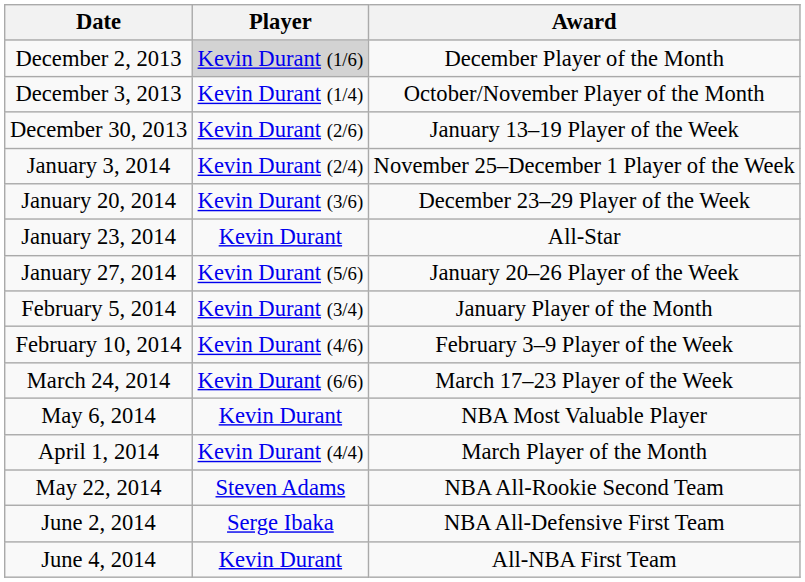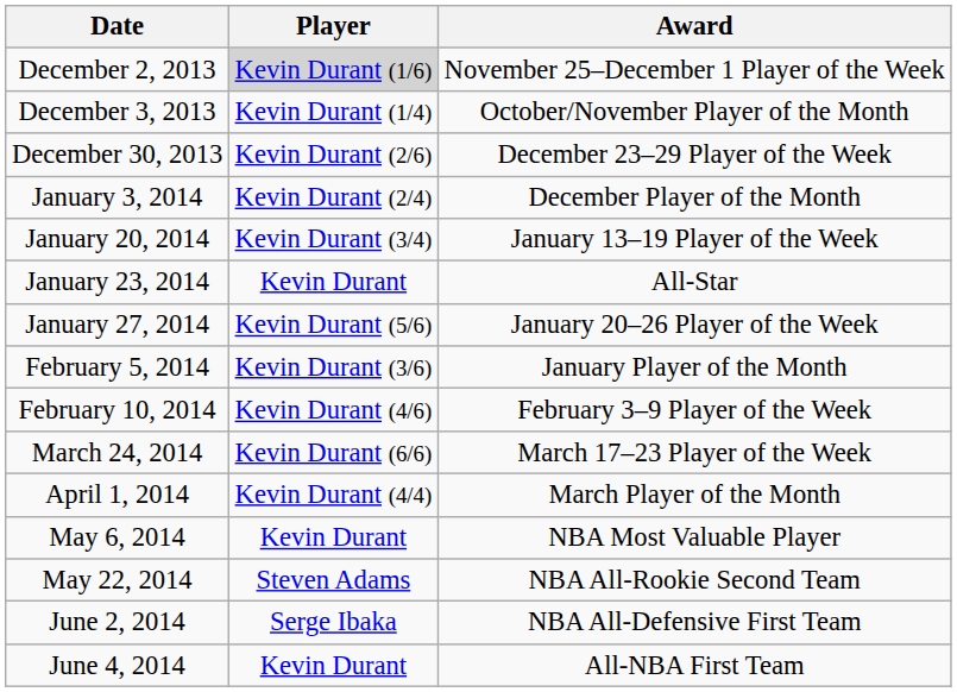 <table class="wikitable sortable sortable" style="text-align: center">
 <tr>
 <th>Date</th>
 <th>Player</th>
 <th>Award</th>
 </tr>
 <tr style="text-align: center">
 <td>December 2, 2013</td>
 <td style="background: lightgrey;"><a href='#'>Kevin Durant</a> <small>(1/6)</small></td>
-<td>December Player of the Month</td>
+<td>November 25–December 1 Player of the Week</td>
 </tr>
 <tr style="text-align: center">
 <td>December 3, 2013</td>
 <td><a href='#'>Kevin Durant</a> <small>(1/4)</small></td>
 <td>October/November Player of the Month</td>
 </tr>
 <tr style="text-align: center">
 <td>December 30, 2013</td>
 <td><a href='#'>Kevin Durant</a> <small>(2/6)</small></td>
-<td>January 13–19 Player of the Week</td>
+<td>December 23–29 Player of the Week</td>
 </tr>
 <tr style="text-align: center">
 <td>January 3, 2014</td>
 <td><a href='#'>Kevin Durant</a> <small>(2/4)</small></td>
-<td>November 25–December 1 Player of the Week</td>
+<td>December Player of the Month</td>
 </tr>
 <tr style="text-align: center">
 <td>January 20, 2014</td>
-<td><a href='#'>Kevin Durant</a> <small>(3/6)</small></td>
-<td>December 23–29 Player of the Week</td>
+<td><a href='#'>Kevin Durant</a> <small>(3/4)</small></td>
+<td>January 13–19 Player of the Week</td>
 </tr>
 <tr style="text-align: center">
 <td>January 23, 2014</td>
 <td><a href='#'>Kevin Durant</a></td>
 <td>All-Star</td>
 </tr>
 <tr style="text-align: center">
 <td>January 27, 2014</td>
 <td><a href='#'>Kevin Durant</a> <small>(5/6)</small></td>
 <td>January 20–26 Player of the Week</td>
 </tr>
 <tr style="text-align: center">
 <td>February 5, 2014</td>
-<td><a href='#'>Kevin Durant</a> <small>(3/4)</small></td>
+<td><a href='#'>Kevin Durant</a> <small>(3/6)</small></td>
 <td>January Player of the Month</td>
 </tr>
 <tr style="text-align: center">
 <td>February 10, 2014</td>
 <td><a href='#'>Kevin Durant</a> <small>(4/6)</small></td>
 <td>February 3–9 Player of the Week</td>
 </tr>
 <tr style="text-align: center">
 <td>March 24, 2014</td>
 <td><a href='#'>Kevin Durant</a> <small>(6/6)</small></td>
 <td>March 17–23 Player of the Week</td>
 </tr>
 <tr style="text-align: center">
+<td>April 1, 2014</td>
+<td><a href='#'>Kevin Durant</a> <small>(4/4)</small></td>
+<td>March Player of the Month</td>
+</tr>
+<tr style="text-align: center">
 <td>May 6, 2014</td>
 <td><a href='#'>Kevin Durant</a></td>
 <td>NBA Most Valuable Player</td>
-</tr>
-<tr style="text-align: center">
-<td>April 1, 2014</td>
-<td><a href='#'>Kevin Durant</a> <small>(4/4)</small></td>
-<td>March Player of the Month</td>
 </tr>
 <tr style="text-align: center">
 <td>May 22, 2014</td>
 <td><a href='#'>Steven Adams</a></td>
 <td>NBA All-Rookie Second Team</td>
 </tr>
 <tr style="text-align: center">
 <td>June 2, 2014</td>
 <td><a href='#'>Serge Ibaka</a></td>
 <td>NBA All-Defensive First Team</td>
 </tr>
 <tr style="text-align: center">
 <td>June 4, 2014</td>
 <td><a href='#'>Kevin Durant</a></td>
 <td>All-NBA First Team</td>
 </tr>
 </table>
